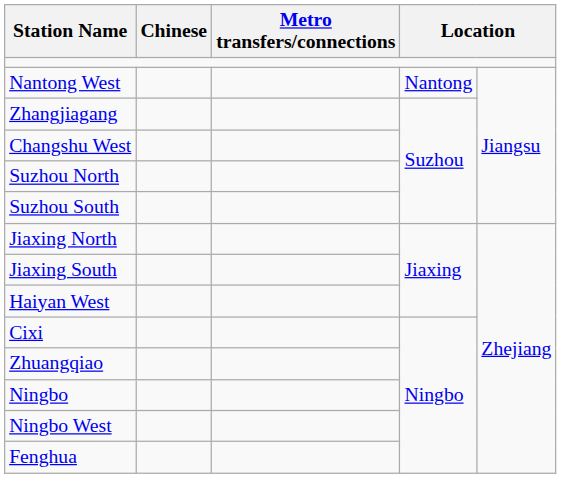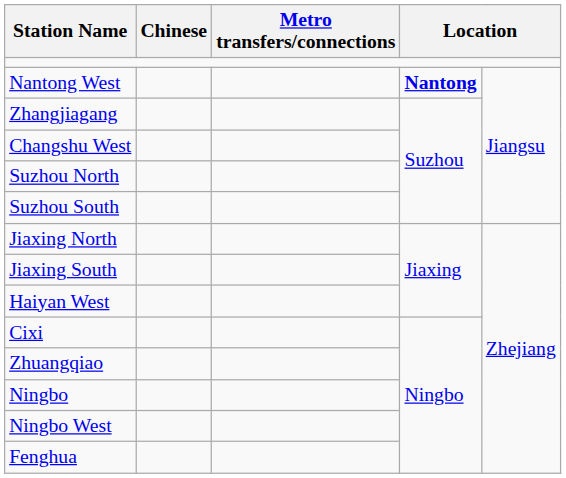 <table class="wikitable">
 <tr>
 <th>Station Name</th>
 <th>Chinese<br> </th>
 <th><a href='#'>Metro</a><br>transfers/connections</th>
 <th colspan="2">Location</th>
 </tr>
 <tr style="background:#">
 <td colspan = "11"></td>
 </tr>
 <tr>
 <td><a href='#'>Nantong West</a></td>
 <td></td>
 <td></td>
-<td><a href='#'>Nantong</a></td>
+<td><strong><a href='#'>Nantong</a></strong></td>
 <td rowspan="5"><a href='#'>Jiangsu</a></td>
 </tr>
 <tr>
 <td><a href='#'>Zhangjiagang</a></td>
 <td></td>
 <td></td>
 <td rowspan="4"><a href='#'>Suzhou</a></td>
 </tr>
 <tr>
 <td><a href='#'>Changshu West</a></td>
 <td></td>
 <td></td>
 </tr>
 <tr>
 <td><a href='#'>Suzhou North</a></td>
 <td></td>
 <td>  </td>
 </tr>
 <tr>
 <td><a href='#'>Suzhou South</a></td>
 <td></td>
 <td></td>
 </tr>
 <tr>
 <td><a href='#'>Jiaxing North</a></td>
 <td></td>
 <td></td>
 <td rowspan="3"><a href='#'>Jiaxing</a></td>
 <td rowspan="8"><a href='#'>Zhejiang</a></td>
 </tr>
 <tr>
 <td><a href='#'>Jiaxing South</a></td>
 <td></td>
 <td></td>
 </tr>
 <tr>
 <td><a href='#'>Haiyan West</a></td>
 <td></td>
 <td></td>
 </tr>
 <tr>
 <td><a href='#'>Cixi</a></td>
 <td></td>
 <td> </td>
 <td rowspan="5"><a href='#'>Ningbo</a></td>
 </tr>
 <tr>
 <td><a href='#'>Zhuangqiao</a></td>
 <td></td>
 <td> </td>
 </tr>
 <tr>
 <td><a href='#'>Ningbo</a></td>
 <td></td>
 <td>  </td>
 </tr>
 <tr>
 <td><a href='#'>Ningbo West</a></td>
 <td></td>
 <td>    </td>
 </tr>
 <tr>
 <td><a href='#'>Fenghua</a></td>
 <td></td>
 <td> </td>
 </tr>
 </table>
